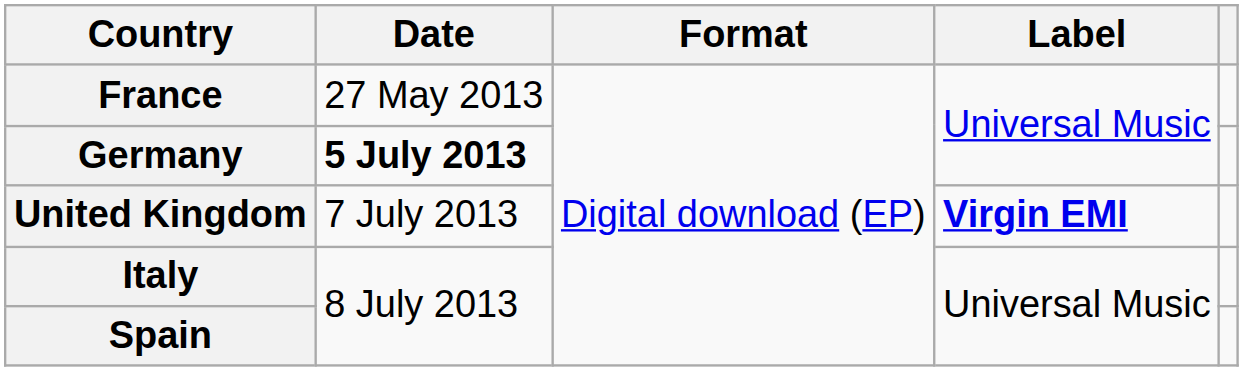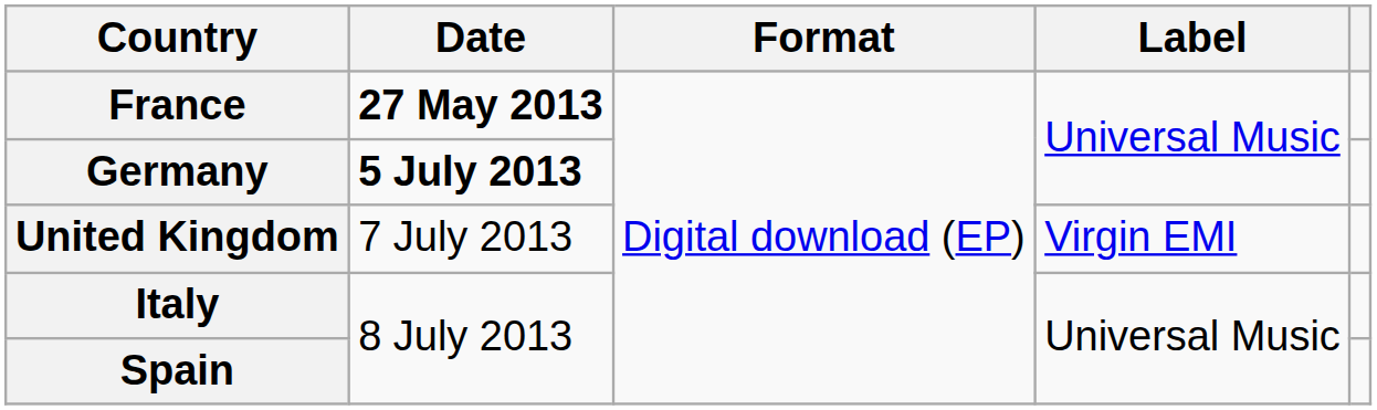 <table class="wikitable plainrowheaders">
 <tr>
 <th scope="col">Country</th>
 <th scope="col">Date</th>
 <th scope="col">Format</th>
 <th scope="col">Label</th>
 <th scope="col"></th>
 </tr>
 <tr>
 <th scope="row">France</th>
-<td>27 May 2013</td>
+<td><strong>27 May 2013</strong></td>
 <td rowspan="5"><a href='#'>Digital download</a> (<a href='#'>EP</a>)</td>
 <td rowspan="2"><a href='#'>Universal Music</a></td>
 <td></td>
 </tr>
 <tr>
 <th scope="row">Germany</th>
 <td><strong>5 July 2013</strong></td>
 <td></td>
 </tr>
 <tr>
 <th scope="row">United Kingdom</th>
 <td>7 July 2013</td>
-<td><strong><a href='#'>Virgin EMI</a></strong></td>
+<td><a href='#'>Virgin EMI</a></td>
 <td></td>
 </tr>
 <tr>
 <th scope="row">Italy</th>
 <td rowspan="2">8 July 2013</td>
 <td rowspan="2">Universal Music</td>
 <td></td>
 </tr>
 <tr>
 <th scope="row">Spain</th>
 <td></td>
 </tr>
 </table>
